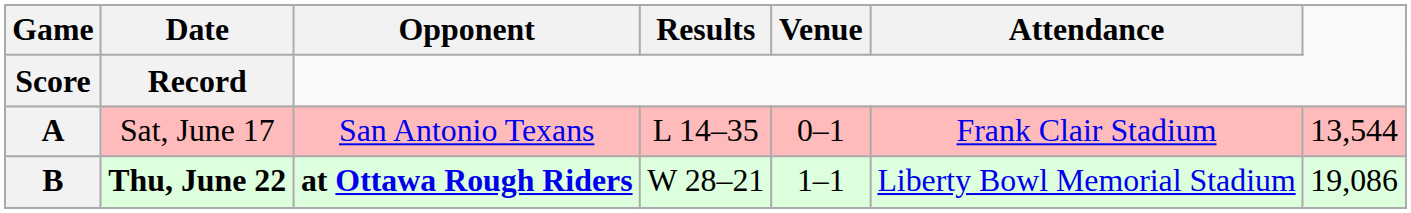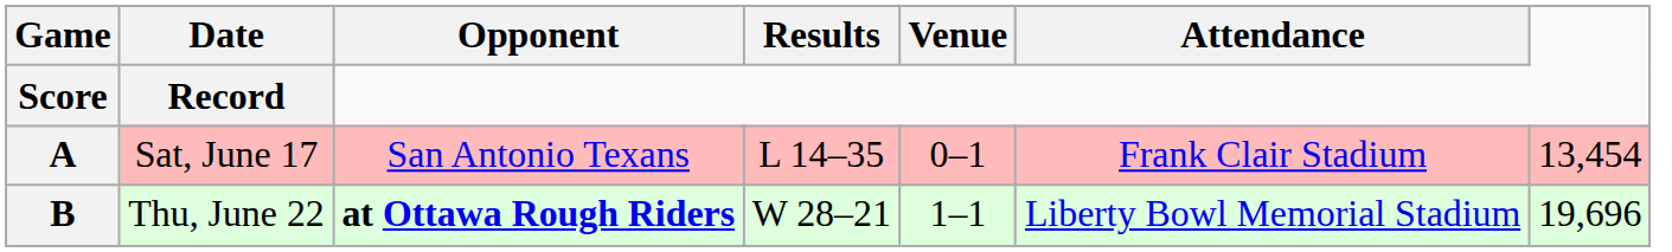 <table class="wikitable" style="text-align:center">
 <tr>
 <th>Game</th>
 <th>Date</th>
 <th>Opponent</th>
 <th>Results</th>
 <th>Venue</th>
 <th>Attendance</th>
 </tr>
 <tr>
 <th>Score</th>
 <th>Record</th>
 </tr>
 <tr style="background:#ffbbbb">
 <th>A</th>
 <td>Sat, June 17</td>
 <td><a href='#'>San Antonio Texans</a></td>
 <td>L 14–35</td>
 <td>0–1</td>
 <td><a href='#'>Frank Clair Stadium</a></td>
-<td>13,544</td>
+<td>13,454</td>
 </tr>
 <tr style="background:#ddffdd">
 <th>B</th>
-<td><strong>Thu, June 22</strong></td>
+<td>Thu, June 22</td>
 <td><strong>at <a href='#'>Ottawa Rough Riders</a></strong></td>
 <td>W 28–21</td>
 <td>1–1</td>
 <td><a href='#'>Liberty Bowl Memorial Stadium</a></td>
-<td>19,086</td>
+<td>19,696</td>
 </tr>
 </table>
